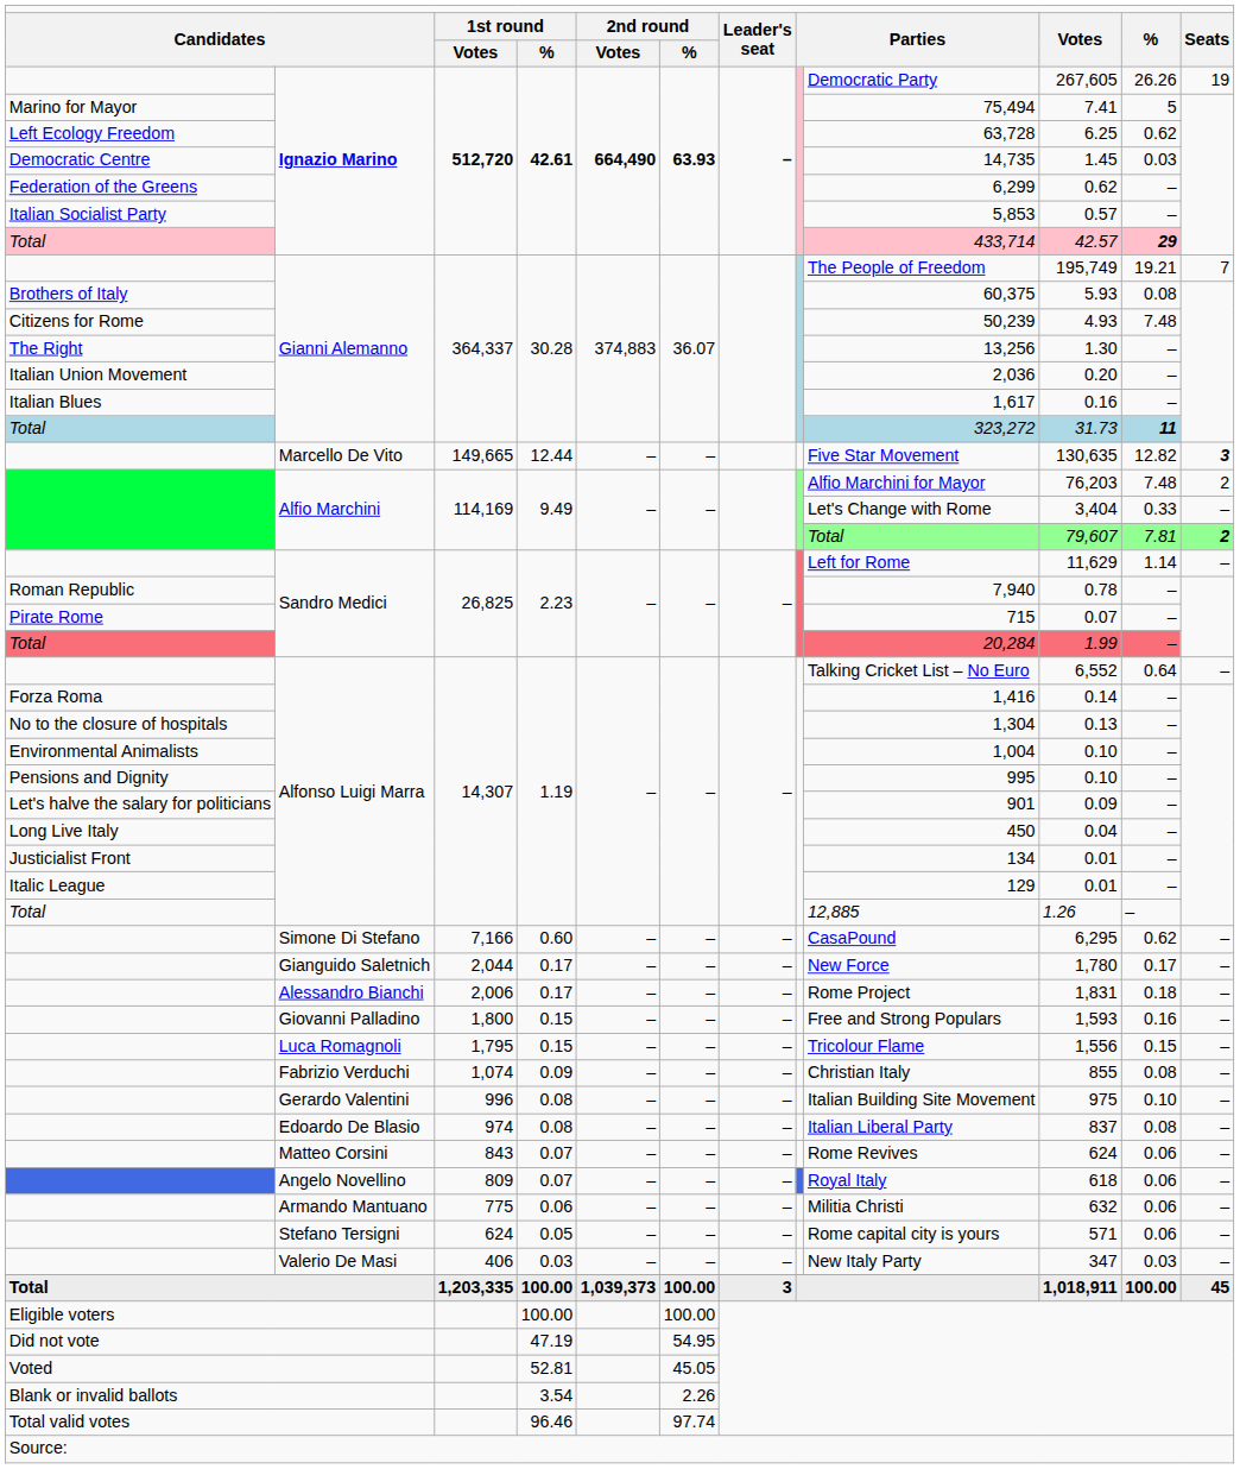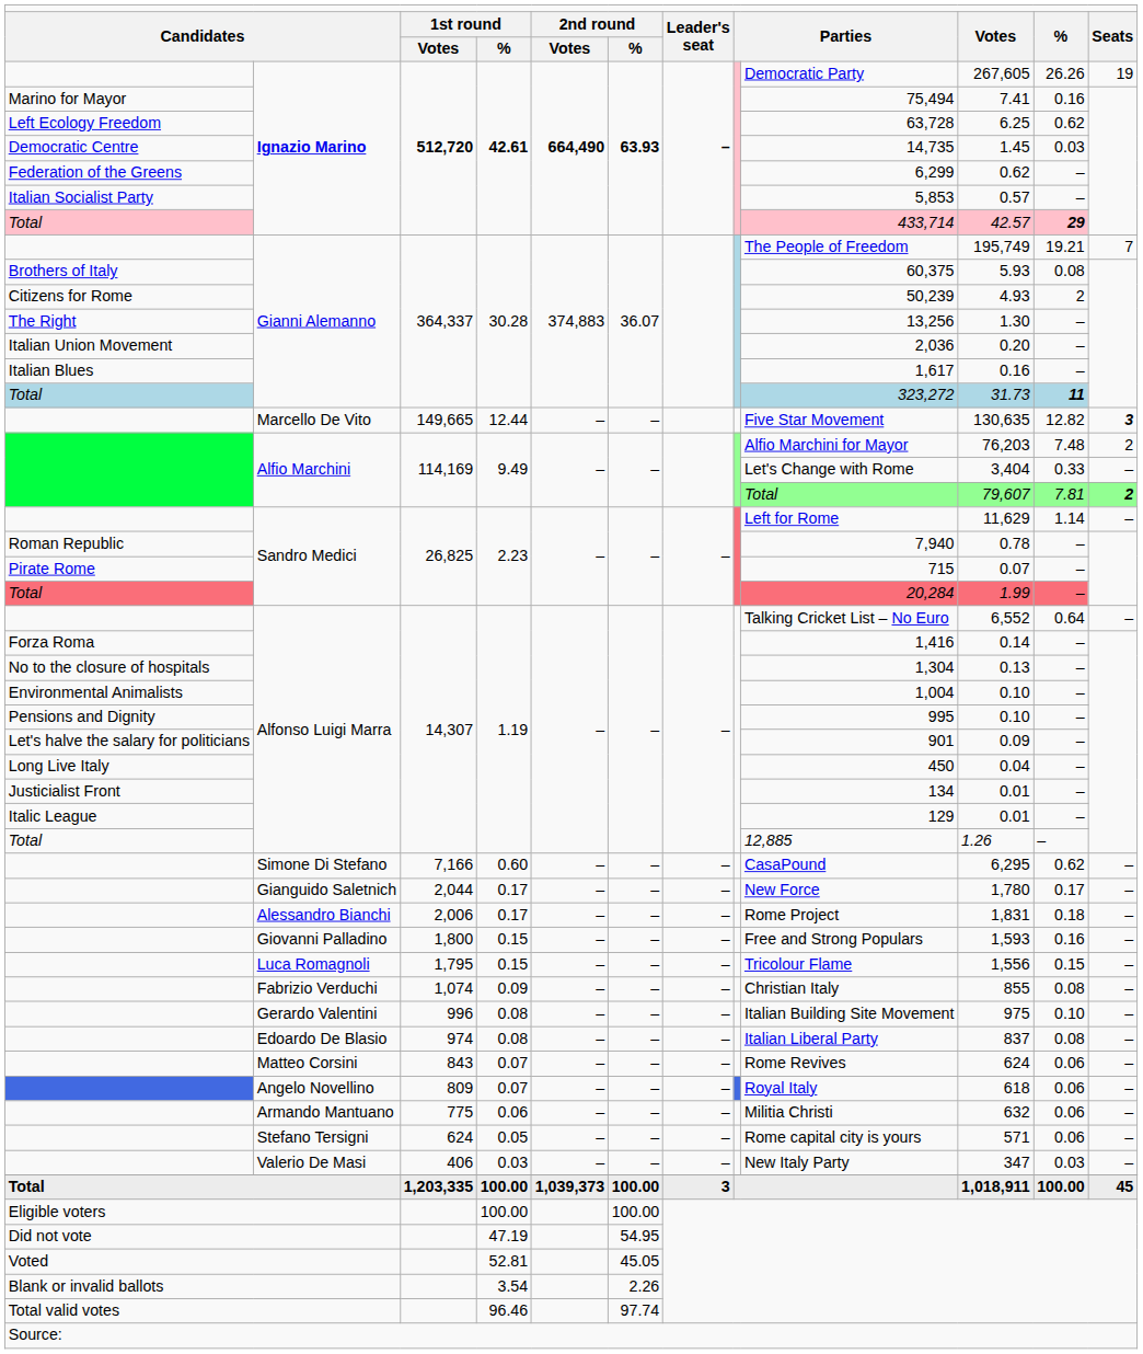 <table class="wikitable" style="text-align:left">
 <tr>
 <td colspan="12"></td>
 </tr>
 <tr>
 <th rowspan=2 colspan="2">Candidates</th>
 <th colspan=2>1st round</th>
 <th colspan=2>2nd round</th>
 <th rowspan=2>Leader's<br>seat</th>
 <th rowspan=2 colspan=2>Parties</th>
 <th rowspan=2>Votes</th>
 <th rowspan=2>%</th>
 <th rowspan=2>Seats</th>
 </tr>
 <tr>
 <th>Votes</th>
 <th>%</th>
 <th>Votes</th>
 <th>%</th>
 </tr>
 <tr>
 <td></td>
 <td rowspan=7><strong><a href='#'>Ignazio Marino</a></strong></td>
 <td rowspan=7 align=right><strong>512,720</strong></td>
 <td rowspan=7 align=right><strong>42.61</strong></td>
 <td rowspan=7 align=right><strong>664,490</strong></td>
 <td rowspan=7 align=right><strong>63.93</strong></td>
 <td rowspan=7 align=right><strong>–</strong></td>
 <td rowspan=7 bgcolor=pink></td>
 <td><a href='#'>Democratic Party</a></td>
 <td align=right>267,605</td>
 <td align=right>26.26</td>
 <td align=right>19</td>
 </tr>
 <tr>
 <td>Marino for Mayor</td>
 <td align=right>75,494</td>
 <td align=right>7.41</td>
-<td align=right>5</td>
+<td align=right>0.16</td>
 </tr>
 <tr>
 <td><a href='#'>Left Ecology Freedom</a></td>
 <td align=right>63,728</td>
 <td align=right>6.25</td>
 <td align=right>0.62</td>
 </tr>
 <tr>
 <td><a href='#'>Democratic Centre</a></td>
 <td align=right>14,735</td>
 <td align=right>1.45</td>
 <td align=right>0.03</td>
 </tr>
 <tr>
 <td><a href='#'>Federation of the Greens</a></td>
 <td align=right>6,299</td>
 <td align=right>0.62</td>
 <td align=right>–</td>
 </tr>
 <tr>
 <td><a href='#'>Italian Socialist Party</a></td>
 <td align=right>5,853</td>
 <td align=right>0.57</td>
 <td align=right>–</td>
 </tr>
 <tr>
 <td bgcolor=pink><em>Total</em></td>
 <td bgcolor=pink align=right><em>433,714</em></td>
 <td bgcolor=pink align=right><em>42.57</em></td>
 <td bgcolor=pink align=right><strong><em>29</em></strong></td>
 </tr>
 <tr>
 <td></td>
 <td rowspan=7><a href='#'>Gianni Alemanno</a></td>
 <td rowspan=7 align=right>364,337</td>
 <td rowspan=7 align=right>30.28</td>
 <td rowspan=7 align=right>374,883</td>
 <td rowspan=7 align=right>36.07</td>
 <td rowspan=7 align=right></td>
 <td rowspan=7 bgcolor=lightblue></td>
 <td><a href='#'>The People of Freedom</a></td>
 <td align=right>195,749</td>
 <td align=right>19.21</td>
 <td align=right>7</td>
 </tr>
 <tr>
 <td><a href='#'>Brothers of Italy</a></td>
 <td align=right>60,375</td>
 <td align=right>5.93</td>
 <td align=right>0.08</td>
 </tr>
 <tr>
 <td>Citizens for Rome</td>
 <td align=right>50,239</td>
 <td align=right>4.93</td>
-<td align=right>7.48</td>
+<td align=right>2</td>
 </tr>
 <tr>
 <td><a href='#'>The Right</a></td>
 <td align=right>13,256</td>
 <td align=right>1.30</td>
 <td align=right>–</td>
 </tr>
 <tr>
 <td>Italian Union Movement</td>
 <td align=right>2,036</td>
 <td align=right>0.20</td>
 <td align=right>–</td>
 </tr>
 <tr>
 <td>Italian Blues</td>
 <td align=right>1,617</td>
 <td align=right>0.16</td>
 <td align=right>–</td>
 </tr>
 <tr>
 <td bgcolor=lightblue><em>Total</em></td>
 <td bgcolor=lightblue align=right><em>323,272</em></td>
 <td bgcolor=lightblue align=right><em>31.73</em></td>
 <td bgcolor=lightblue align=right><strong><em>11</em></strong></td>
 </tr>
 <tr>
 <td></td>
 <td>Marcello De Vito</td>
 <td align=right>149,665</td>
 <td align=right>12.44</td>
 <td align=right>–</td>
 <td align=right>–</td>
 <td align=right></td>
 <td></td>
 <td><a href='#'>Five Star Movement</a></td>
 <td align=right>130,635</td>
 <td align=right>12.82</td>
 <td align=right><strong><em>3</em></strong></td>
 </tr>
 <tr>
 <td bgcolor="#00FF40" rowspan=3></td>
 <td rowspan=3><a href='#'>Alfio Marchini</a></td>
 <td rowspan=3 align=right>114,169</td>
 <td rowspan=3 align=right>9.49</td>
 <td rowspan=3 align=right>–</td>
 <td rowspan=3 align=right>–</td>
 <td rowspan=3 align=right></td>
 <td rowspan=3 bgcolor=#92FF92></td>
 <td><a href='#'>Alfio Marchini for Mayor</a></td>
 <td align=right>76,203</td>
 <td align=right>7.48</td>
 <td align=right>2</td>
 </tr>
 <tr>
 <td>Let's Change with Rome</td>
 <td align=right>3,404</td>
 <td align=right>0.33</td>
 <td align=right>–</td>
 </tr>
 <tr>
 <td bgcolor=#92FF92><em>Total</em></td>
 <td bgcolor=#92FF92 align=right><em>79,607</em></td>
 <td bgcolor=#92FF92 align=right><em>7.81</em></td>
 <td bgcolor=#92FF92 align=right><strong><em>2</em></strong></td>
 </tr>
 <tr>
 <td></td>
 <td rowspan=4>Sandro Medici</td>
 <td rowspan=4 align=right>26,825</td>
 <td rowspan=4 align=right>2.23</td>
 <td rowspan=4 align=right>–</td>
 <td rowspan=4 align=right>–</td>
 <td rowspan=4 align=right>–</td>
 <td rowspan=4 bgcolor=#FA6E79></td>
 <td><a href='#'>Left for Rome</a></td>
 <td align=right>11,629</td>
 <td align=right>1.14</td>
 <td align=right>–</td>
 </tr>
 <tr>
 <td>Roman Republic</td>
 <td align=right>7,940</td>
 <td align=right>0.78</td>
 <td align=right>–</td>
 </tr>
 <tr>
 <td><a href='#'>Pirate Rome</a></td>
 <td align=right>715</td>
 <td align=right>0.07</td>
 <td align=right>–</td>
 </tr>
 <tr>
 <td bgcolor=#FA6E79><em>Total</em></td>
 <td bgcolor=#FA6E79 align=right><em>20,284</em></td>
 <td bgcolor=#FA6E79 align=right><em>1.99</em></td>
 <td bgcolor=#FA6E79 align=right>–</td>
 </tr>
 <tr>
 <td></td>
 <td rowspan=10>Alfonso Luigi Marra</td>
 <td rowspan=10 align=right>14,307</td>
 <td rowspan=10 align=right>1.19</td>
 <td rowspan=10 align=right>–</td>
 <td rowspan=10 align=right>–</td>
 <td rowspan=10 align=right>–</td>
 <td rowspan=10></td>
 <td>Talking Cricket List – <a href='#'>No Euro</a></td>
 <td align=right>6,552</td>
 <td align=right>0.64</td>
 <td align=right>–</td>
 </tr>
 <tr>
 <td>Forza Roma</td>
 <td align=right>1,416</td>
 <td align=right>0.14</td>
 <td align=right>–</td>
 </tr>
 <tr>
 <td>No to the closure of hospitals</td>
 <td align=right>1,304</td>
 <td align=right>0.13</td>
 <td align=right>–</td>
 </tr>
 <tr>
 <td>Environmental Animalists</td>
 <td align=right>1,004</td>
 <td align=right>0.10</td>
 <td align=right>–</td>
 </tr>
 <tr>
 <td>Pensions and Dignity</td>
 <td align=right>995</td>
 <td align=right>0.10</td>
 <td align=right>–</td>
 </tr>
 <tr>
 <td>Let's halve the salary for politicians</td>
 <td align=right>901</td>
 <td align=right>0.09</td>
 <td align=right>–</td>
 </tr>
 <tr>
 <td>Long Live Italy</td>
 <td align=right>450</td>
 <td align=right>0.04</td>
 <td align=right>–</td>
 </tr>
 <tr>
 <td>Justicialist Front</td>
 <td align=right>134</td>
 <td align=right>0.01</td>
 <td align=right>–</td>
 </tr>
 <tr>
 <td>Italic League</td>
 <td align=right>129</td>
 <td align=right>0.01</td>
 <td align=right>–</td>
 </tr>
 <tr>
 <td bgcolor=><em>Total</em></td>
 <td bgcolor=><em>12,885</em></td>
 <td bgcolor=><em>1.26</em></td>
 <td bgcolor=>–</td>
 </tr>
 <tr>
 <td></td>
 <td>Simone Di Stefano</td>
 <td align=right>7,166</td>
 <td align=right>0.60</td>
 <td align=right>–</td>
 <td align=right>–</td>
 <td align=right>–</td>
 <td></td>
 <td><a href='#'>CasaPound</a></td>
 <td align=right>6,295</td>
 <td align=right>0.62</td>
 <td align=right>–</td>
 </tr>
 <tr>
 <td></td>
 <td>Gianguido Saletnich</td>
 <td align=right>2,044</td>
 <td align=right>0.17</td>
 <td align=right>–</td>
 <td align=right>–</td>
 <td align=right>–</td>
 <td></td>
 <td><a href='#'>New Force</a></td>
 <td align=right>1,780</td>
 <td align=right>0.17</td>
 <td align=right>–</td>
 </tr>
 <tr>
 <td></td>
 <td><a href='#'>Alessandro Bianchi</a></td>
 <td align=right>2,006</td>
 <td align=right>0.17</td>
 <td align=right>–</td>
 <td align=right>–</td>
 <td align=right>–</td>
 <td></td>
 <td>Rome Project</td>
 <td align=right>1,831</td>
 <td align=right>0.18</td>
 <td align=right>–</td>
 </tr>
 <tr>
 <td></td>
 <td>Giovanni Palladino</td>
 <td align=right>1,800</td>
 <td align=right>0.15</td>
 <td align=right>–</td>
 <td align=right>–</td>
 <td align=right>–</td>
 <td></td>
 <td>Free and Strong Populars</td>
 <td align=right>1,593</td>
 <td align=right>0.16</td>
 <td align=right>–</td>
 </tr>
 <tr>
 <td></td>
 <td><a href='#'>Luca Romagnoli</a></td>
 <td align=right>1,795</td>
 <td align=right>0.15</td>
 <td align=right>–</td>
 <td align=right>–</td>
 <td align=right>–</td>
 <td></td>
 <td><a href='#'>Tricolour Flame</a></td>
 <td align=right>1,556</td>
 <td align=right>0.15</td>
 <td align=right>–</td>
 </tr>
 <tr>
 <td></td>
 <td>Fabrizio Verduchi</td>
 <td align=right>1,074</td>
 <td align=right>0.09</td>
 <td align=right>–</td>
 <td align=right>–</td>
 <td align=right>–</td>
 <td></td>
 <td>Christian Italy</td>
 <td align=right>855</td>
 <td align=right>0.08</td>
 <td align=right>–</td>
 </tr>
 <tr>
 <td></td>
 <td>Gerardo Valentini</td>
 <td align=right>996</td>
 <td align=right>0.08</td>
 <td align=right>–</td>
 <td align=right>–</td>
 <td align=right>–</td>
 <td></td>
 <td>Italian Building Site Movement</td>
 <td align=right>975</td>
 <td align=right>0.10</td>
 <td align=right>–</td>
 </tr>
 <tr>
 <td></td>
 <td>Edoardo De Blasio</td>
 <td align=right>974</td>
 <td align=right>0.08</td>
 <td align=right>–</td>
 <td align=right>–</td>
 <td align=right>–</td>
 <td></td>
 <td><a href='#'>Italian Liberal Party</a></td>
 <td align=right>837</td>
 <td align=right>0.08</td>
 <td align=right>–</td>
 </tr>
 <tr>
 <td></td>
 <td>Matteo Corsini</td>
 <td align=right>843</td>
 <td align=right>0.07</td>
 <td align=right>–</td>
 <td align=right>–</td>
 <td align=right>–</td>
 <td></td>
 <td>Rome Revives</td>
 <td align=right>624</td>
 <td align=right>0.06</td>
 <td align=right>–</td>
 </tr>
 <tr>
 <td bgcolor="royalblue"></td>
 <td>Angelo Novellino</td>
 <td align=right>809</td>
 <td align=right>0.07</td>
 <td align=right>–</td>
 <td align=right>–</td>
 <td align=right>–</td>
 <td bgcolor="royalblue"></td>
 <td><a href='#'>Royal Italy</a></td>
 <td align=right>618</td>
 <td align=right>0.06</td>
 <td align=right>–</td>
 </tr>
 <tr>
 <td></td>
 <td>Armando Mantuano</td>
 <td align=right>775</td>
 <td align=right>0.06</td>
 <td align=right>–</td>
 <td align=right>–</td>
 <td align=right>–</td>
 <td></td>
 <td>Militia Christi</td>
 <td align=right>632</td>
 <td align=right>0.06</td>
 <td align=right>–</td>
 </tr>
 <tr>
 <td></td>
 <td>Stefano Tersigni</td>
 <td align=right>624</td>
 <td align=right>0.05</td>
 <td align=right>–</td>
 <td align=right>–</td>
 <td align=right>–</td>
 <td></td>
 <td>Rome capital city is yours</td>
 <td align=right>571</td>
 <td align=right>0.06</td>
 <td align=right>–</td>
 </tr>
 <tr>
 <td></td>
 <td>Valerio De Masi</td>
 <td align=right>406</td>
 <td align=right>0.03</td>
 <td align=right>–</td>
 <td align=right>–</td>
 <td align=right>–</td>
 <td></td>
 <td>New Italy Party</td>
 <td align=right>347</td>
 <td align=right>0.03</td>
 <td align=right>–</td>
 </tr>
 <tr>
 </tr>
 <tr bgcolor=ececec>
 <td colspan="2"><strong>Total</strong></td>
 <td align=right><strong>1,203,335</strong></td>
 <td align=right><strong>100.00</strong></td>
 <td align=right><strong>1,039,373</strong></td>
 <td align=right><strong>100.00</strong></td>
 <td align=right><strong>3</strong></td>
 <td align=right colspan=2></td>
 <td align=right><strong>1,018,911</strong></td>
 <td align=right><strong>100.00</strong></td>
 <td align=right><strong>45</strong></td>
 </tr>
 <tr>
 <td colspan=2>Eligible voters</td>
 <td style="text-align: right"></td>
 <td style="text-align: right">100.00</td>
 <td style="text-align: right"></td>
 <td style="text-align: right">100.00</td>
 <td rowspan=5 colspan=6></td>
 </tr>
 <tr>
 <td colspan=2>Did not vote</td>
 <td style="text-align: right"></td>
 <td style="text-align: right">47.19</td>
 <td style="text-align: right"></td>
 <td style="text-align: right">54.95</td>
 </tr>
 <tr>
 <td colspan=2>Voted</td>
 <td style="text-align: right"></td>
 <td style="text-align: right">52.81</td>
 <td style="text-align: right"></td>
 <td style="text-align: right">45.05</td>
 </tr>
 <tr>
 <td colspan=2>Blank or invalid ballots</td>
 <td style="text-align: right"></td>
 <td style="text-align: right">3.54</td>
 <td style="text-align: right"></td>
 <td style="text-align: right">2.26</td>
 </tr>
 <tr>
 <td colspan=2>Total valid votes</td>
 <td style="text-align: right"></td>
 <td style="text-align: right">96.46</td>
 <td style="text-align: right"></td>
 <td style="text-align: right">97.74</td>
 </tr>
 <tr>
 <td style="text-align:left;" colspan="12">Source: </td>
 </tr>
 </table>
